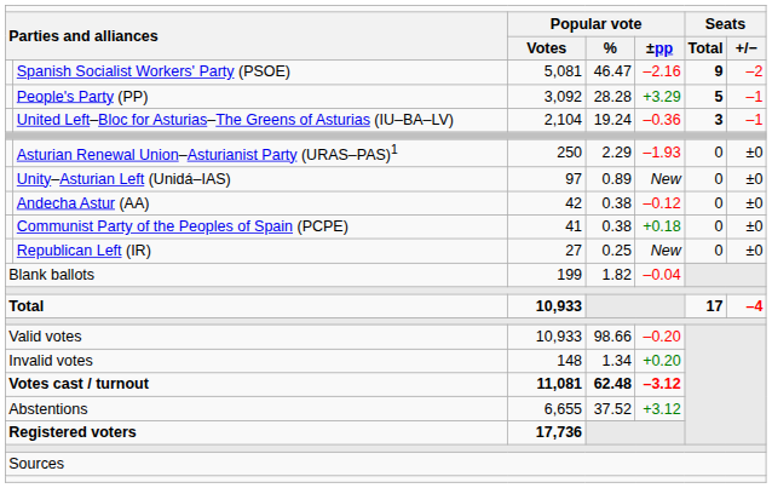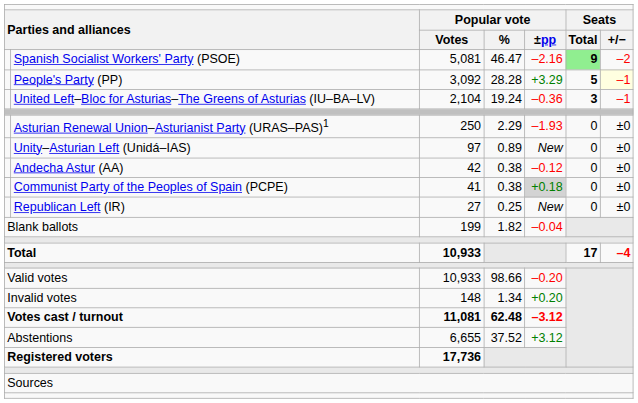 <table class="wikitable" style="text-align:right;">
 <tr>
 <td colspan="7"></td>
 </tr>
 <tr>
 <th style="text-align:left;" rowspan="2" colspan="2" width="525">Parties and alliances</th>
 <th colspan="3">Popular vote</th>
 <th colspan="2">Seats</th>
 </tr>
 <tr>
 <th width="75">Votes</th>
 <th width="45">%</th>
 <th width="45">±<a href='#'>pp</a></th>
 <th width="35">Total</th>
 <th width="35">+/−</th>
 </tr>
 <tr>
 <td width="1" style="color:inherit;background:"></td>
 <td align="left"><a href='#'>Spanish Socialist Workers' Party</a> (PSOE)</td>
 <td>5,081</td>
 <td>46.47</td>
 <td style="color:red;">–2.16</td>
-<td><strong>9</strong></td>
+<td style="background: lightgreen;"><strong>9</strong></td>
 <td style="color:red;">–2</td>
 </tr>
 <tr>
 <td style="color:inherit;background:"></td>
 <td align="left"><a href='#'>People's Party</a> (PP)</td>
 <td>3,092</td>
 <td>28.28</td>
 <td style="color:green;">+3.29</td>
 <td><strong>5</strong></td>
-<td style="color:red;">–1</td>
+<td style="background: lightyellow; color:red;">–1</td>
 </tr>
 <tr>
 <td style="color:inherit;background:"></td>
 <td align="left"><a href='#'>United Left</a>–<a href='#'>Bloc for Asturias</a>–<a href='#'>The Greens of Asturias</a> (IU–BA–LV)</td>
 <td>2,104</td>
 <td>19.24</td>
 <td style="color:red;">–0.36</td>
 <td><strong>3</strong></td>
 <td style="color:red;">–1</td>
 </tr>
 <tr>
 <td colspan="7" bgcolor="#C0C0C0"></td>
 </tr>
 <tr>
 <td style="color:inherit;background:"></td>
 <td align="left"><a href='#'>Asturian Renewal Union</a>–<a href='#'>Asturianist Party</a> (URAS–PAS)<sup>1</sup></td>
 <td>250</td>
 <td>2.29</td>
 <td style="color:red;">–1.93</td>
 <td>0</td>
 <td>±0</td>
 </tr>
 <tr>
 <td style="color:inherit;background:"></td>
 <td align="left"><a href='#'>Unity</a>–<a href='#'>Asturian Left</a> (Unidá–IAS)</td>
 <td>97</td>
 <td>0.89</td>
 <td><em>New</em></td>
 <td>0</td>
 <td>±0</td>
 </tr>
 <tr>
 <td style="color:inherit;background:"></td>
 <td align="left"><a href='#'>Andecha Astur</a> (AA)</td>
 <td>42</td>
 <td>0.38</td>
 <td style="color:red;">–0.12</td>
 <td>0</td>
 <td>±0</td>
 </tr>
 <tr>
 <td style="color:inherit;background:"></td>
 <td align="left"><a href='#'>Communist Party of the Peoples of Spain</a> (PCPE)</td>
 <td>41</td>
 <td>0.38</td>
-<td style="color:green;">+0.18</td>
+<td style="background: lightgrey; color:green;">+0.18</td>
 <td>0</td>
 <td>±0</td>
 </tr>
 <tr>
 <td style="color:inherit;background:"></td>
 <td align="left"><a href='#'>Republican Left</a> (IR)</td>
 <td>27</td>
 <td>0.25</td>
 <td><em>New</em></td>
 <td>0</td>
 <td>±0</td>
 </tr>
 <tr>
 <td align="left" colspan="2">Blank ballots</td>
 <td>199</td>
 <td>1.82</td>
 <td style="color:red;">–0.04</td>
 <td bgcolor="#E9E9E9" colspan="2"></td>
 </tr>
 <tr>
 <td colspan="7" bgcolor="#E9E9E9"></td>
 </tr>
 <tr style="font-weight:bold;">
 <td align="left" colspan="2">Total</td>
 <td>10,933</td>
 <td bgcolor="#E9E9E9" colspan="2"></td>
 <td>17</td>
 <td style="color:red;">–4</td>
 </tr>
 <tr>
 <td colspan="7" bgcolor="#E9E9E9"></td>
 </tr>
 <tr>
 <td align="left" colspan="2">Valid votes</td>
 <td>10,933</td>
 <td>98.66</td>
 <td style="color:red;">–0.20</td>
 <td bgcolor="#E9E9E9" colspan="2" rowspan="5"></td>
 </tr>
 <tr>
 <td align="left" colspan="2">Invalid votes</td>
 <td>148</td>
 <td>1.34</td>
 <td style="color:green;">+0.20</td>
 </tr>
 <tr style="font-weight:bold;">
 <td align="left" colspan="2">Votes cast / turnout</td>
 <td>11,081</td>
 <td>62.48</td>
 <td style="color:red;">–3.12</td>
 </tr>
 <tr>
 <td align="left" colspan="2">Abstentions</td>
 <td>6,655</td>
 <td>37.52</td>
 <td style="color:green;">+3.12</td>
 </tr>
 <tr style="font-weight:bold;">
 <td align="left" colspan="2">Registered voters</td>
 <td>17,736</td>
 <td bgcolor="#E9E9E9" colspan="2"></td>
 </tr>
 <tr>
 <td colspan="7" bgcolor="#E9E9E9"></td>
 </tr>
 <tr>
 <td align="left" colspan="7">Sources</td>
 </tr>
 <tr>
 <td colspan="7" style="text-align:left; max-width:790px;"></td>
 </tr>
 </table>
